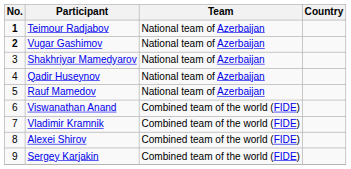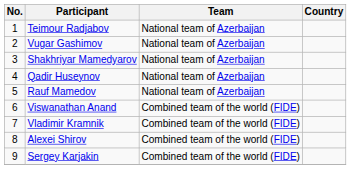 <table class="wikitable" style="text-align:center">
 <tr>
 <th>No.</th>
 <th>Participant</th>
 <th>Team</th>
 <th>Country</th>
 </tr>
 <tr>
-<td rowspan="1"><strong>1</strong></td>
+<td rowspan="1">1</td>
 <td align="left"><a href='#'>Teimour Radjabov</a></td>
 <td align="left">National team of <a href='#'>Azerbaijan</a></td>
 <td></td>
 </tr>
 <tr>
-<td rowspan="1"><strong>2</strong></td>
+<td rowspan="1">2</td>
 <td align="left"><a href='#'>Vugar Gashimov</a></td>
 <td align="left">National team of <a href='#'>Azerbaijan</a></td>
 <td></td>
 </tr>
 <tr>
 <td rowspan="1">3</td>
 <td align="left"><a href='#'>Shakhriyar Mamedyarov</a></td>
 <td align="left">National team of <a href='#'>Azerbaijan</a></td>
 <td></td>
 </tr>
 <tr>
 <td rowspan="1">4</td>
 <td align="left"><a href='#'>Qadir Huseynov</a></td>
 <td align="left">National team of <a href='#'>Azerbaijan</a></td>
 <td></td>
 </tr>
 <tr>
 <td rowspan="1">5</td>
 <td align="left"><a href='#'>Rauf Mamedov</a></td>
 <td align="left">National team of <a href='#'>Azerbaijan</a></td>
 <td></td>
 </tr>
 <tr>
 <td rowspan="1">6</td>
 <td align=left><a href='#'>Viswanathan Anand</a></td>
 <td align=left>Combined team of the world (<a href='#'>FIDE</a>)</td>
 <td></td>
 </tr>
 <tr>
 <td rowspan="1">7</td>
 <td align=left><a href='#'>Vladimir Kramnik</a></td>
 <td align=left>Combined team of the world (<a href='#'>FIDE</a>)</td>
 <td></td>
 </tr>
 <tr>
 <td rowspan="1">8</td>
 <td align=left><a href='#'>Alexei Shirov</a></td>
 <td align=left>Combined team of the world (<a href='#'>FIDE</a>)</td>
 <td></td>
 </tr>
 <tr>
 <td rowspan="1">9</td>
 <td align=left><a href='#'>Sergey Karjakin</a></td>
 <td align=left>Combined team of the world (<a href='#'>FIDE</a>)</td>
 <td></td>
 </tr>
 <tr>
 </tr>
 </table>
